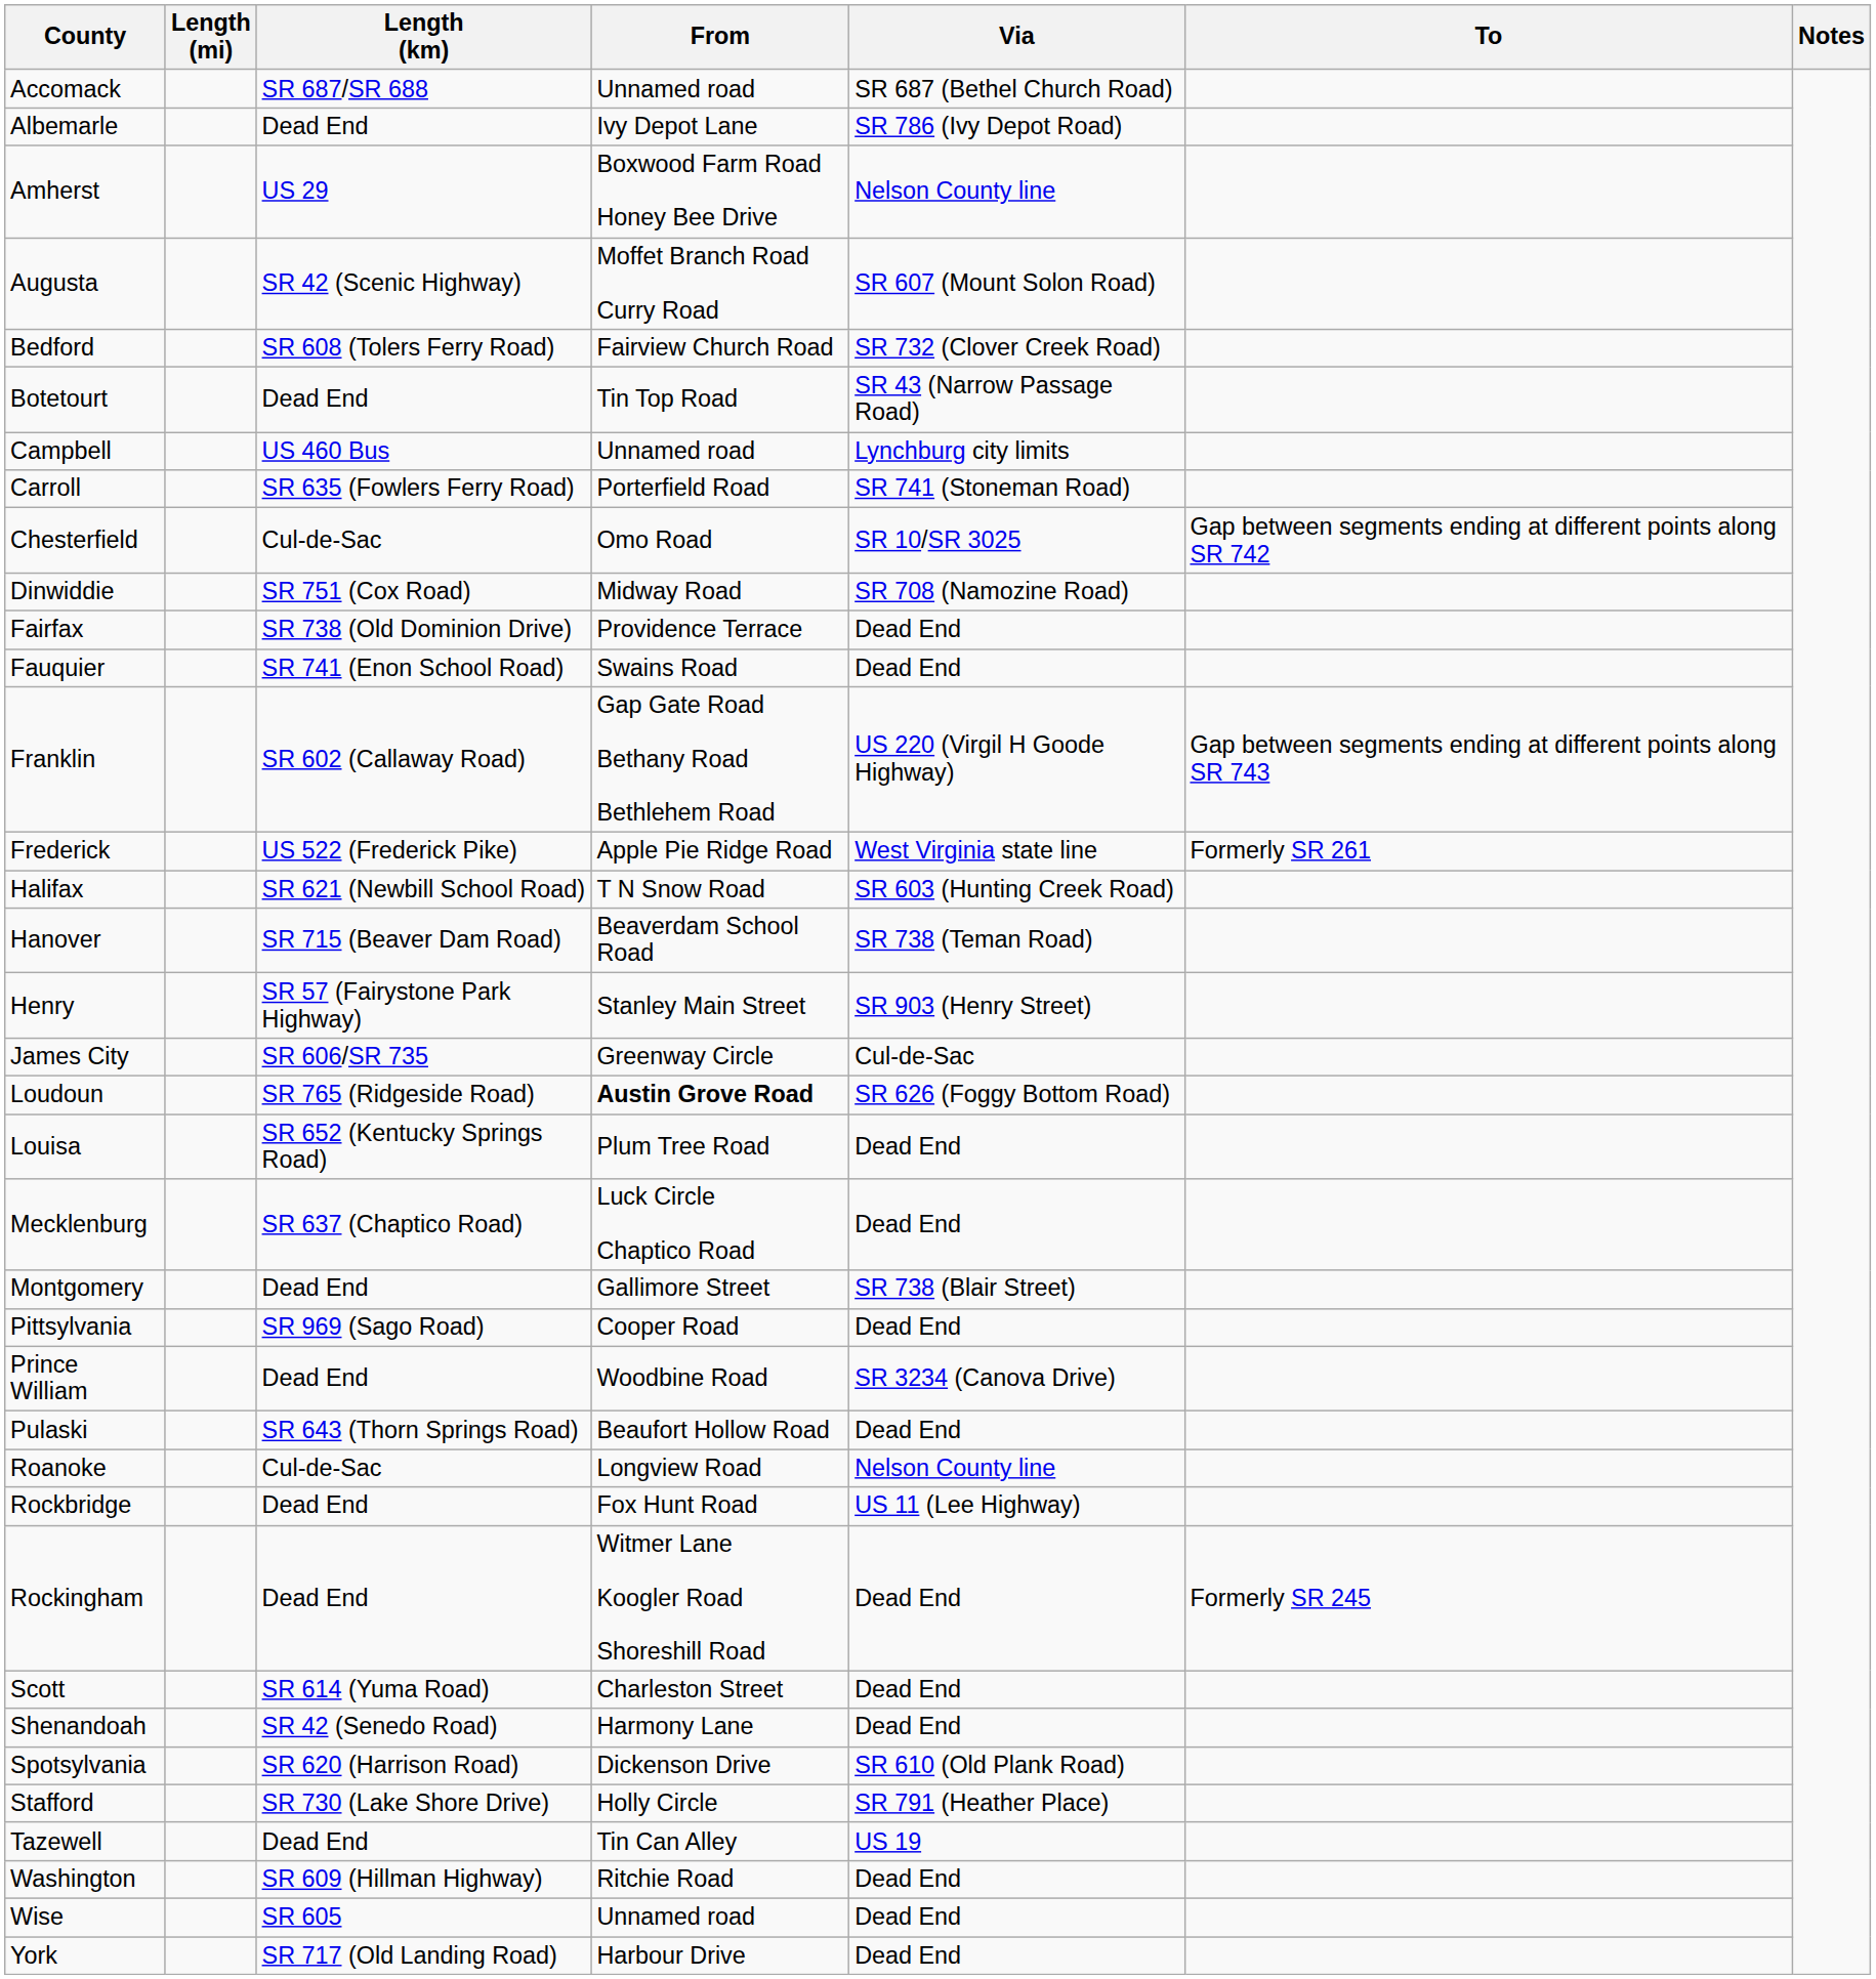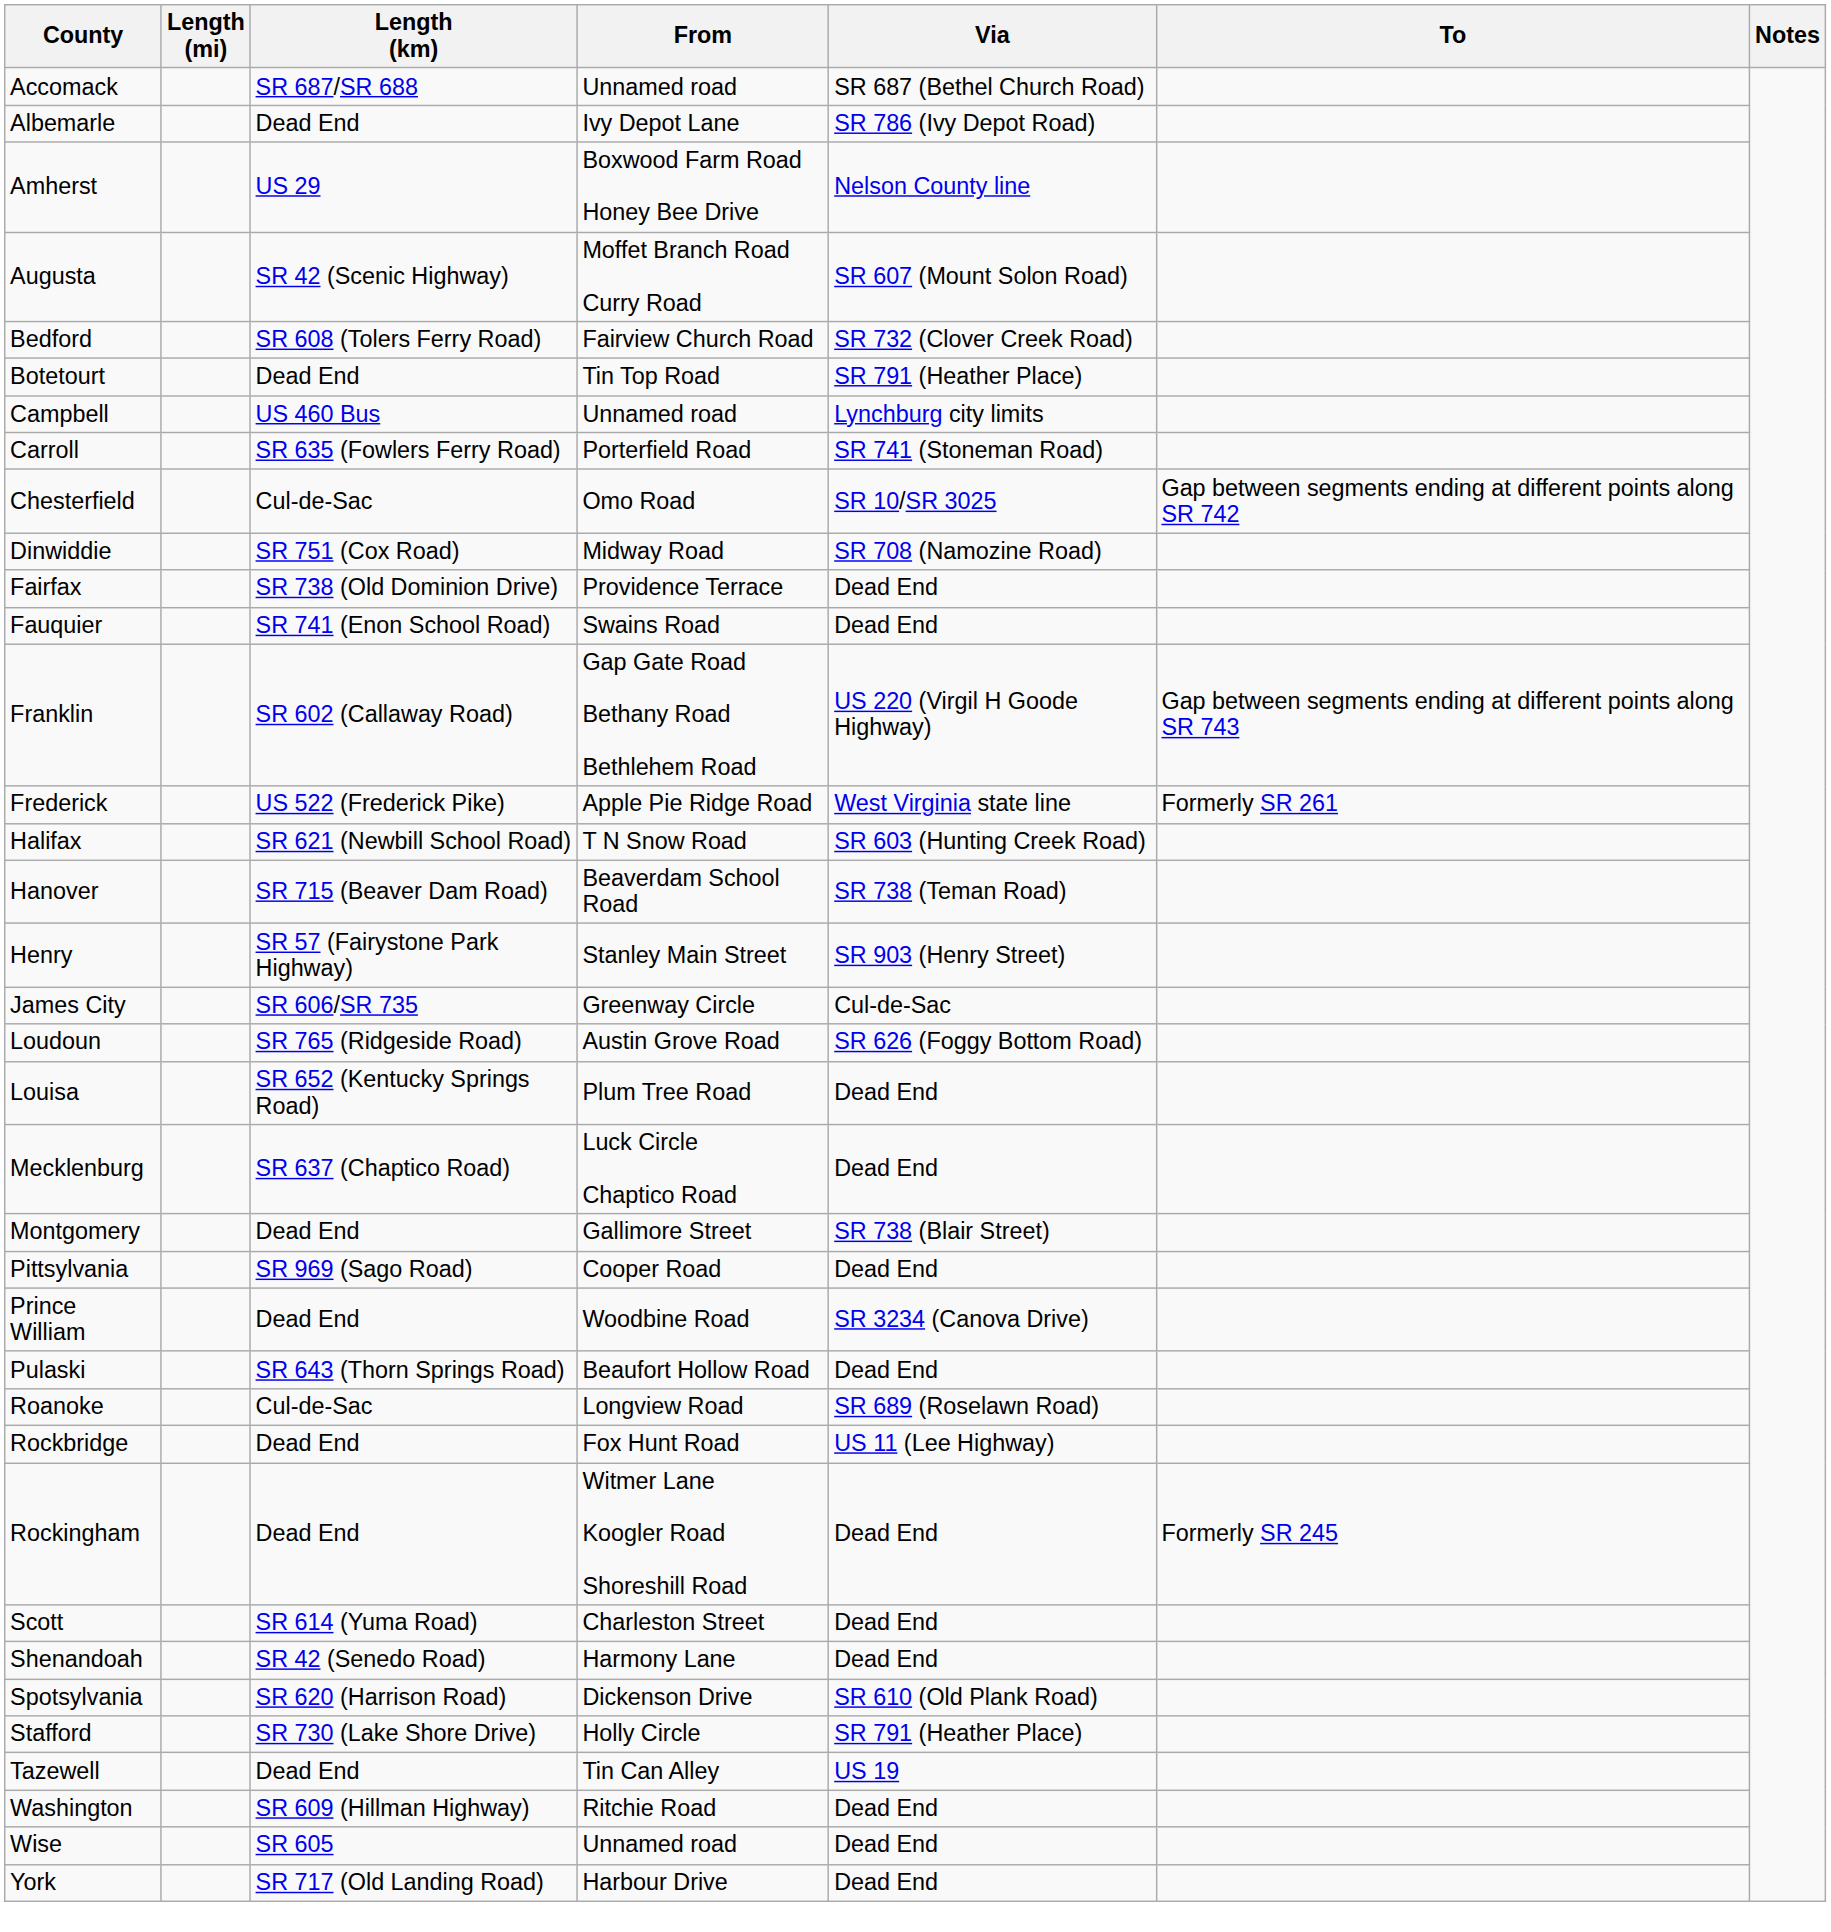 <table class="wikitable sortable">
 <tr>
 <th>County</th>
 <th>Length<br>(mi)</th>
 <th>Length<br>(km)</th>
 <th class="unsortable">From</th>
 <th class="unsortable">Via</th>
 <th class="unsortable">To</th>
 <th class="unsortable">Notes</th>
 </tr>
 <tr>
 <td id="Accomack">Accomack</td>
 <td></td>
 <td><a href='#'>SR 687</a>/<a href='#'>SR 688</a></td>
 <td>Unnamed road</td>
 <td>SR 687 (Bethel Church Road)</td>
 <td></td>
 </tr>
 <tr>
 <td id="Albemarle">Albemarle</td>
 <td></td>
 <td>Dead End</td>
 <td>Ivy Depot Lane</td>
 <td><a href='#'>SR 786</a> (Ivy Depot Road)</td>
 <td><br> </td>
 </tr>
 <tr>
 <td id="Amherst">Amherst</td>
 <td></td>
 <td><a href='#'>US 29</a></td>
 <td>Boxwood Farm Road<br><br>Honey Bee Drive</td>
 <td><a href='#'>Nelson County line</a></td>
 <td><br> </td>
 </tr>
 <tr>
 <td id="Augusta">Augusta</td>
 <td></td>
 <td><a href='#'>SR 42</a> (Scenic Highway)</td>
 <td>Moffet Branch Road<br><br>Curry Road</td>
 <td><a href='#'>SR 607</a> (Mount Solon Road)</td>
 <td><br></td>
 </tr>
 <tr>
 <td id="Bedford">Bedford</td>
 <td></td>
 <td><a href='#'>SR 608</a> (Tolers Ferry Road)</td>
 <td>Fairview Church Road</td>
 <td><a href='#'>SR 732</a> (Clover Creek Road)</td>
 <td><br></td>
 </tr>
 <tr>
 <td id="Botetourt">Botetourt</td>
 <td></td>
 <td>Dead End</td>
 <td>Tin Top Road</td>
-<td><a href='#'>SR 43</a> (Narrow Passage Road)</td>
+<td><a href='#'>SR 791</a> (Heather Place)</td>
 <td><br>  </td>
 </tr>
 <tr>
 <td id="Campbell">Campbell</td>
 <td></td>
 <td><a href='#'>US 460 Bus</a></td>
 <td>Unnamed road</td>
 <td><a href='#'>Lynchburg</a> city limits</td>
 <td><br></td>
 </tr>
 <tr>
 <td id="Carroll">Carroll</td>
 <td></td>
 <td><a href='#'>SR 635</a> (Fowlers Ferry Road)</td>
 <td>Porterfield Road</td>
 <td><a href='#'>SR 741</a> (Stoneman Road)</td>
 <td><br> </td>
 </tr>
 <tr>
 <td id="Chesterfield">Chesterfield</td>
 <td></td>
 <td>Cul-de-Sac</td>
 <td>Omo Road</td>
 <td><a href='#'>SR 10</a>/<a href='#'>SR 3025</a></td>
 <td>Gap between segments ending at different points along <a href='#'>SR 742</a><br>    </td>
 </tr>
 <tr>
 <td id="Dinwiddie">Dinwiddie</td>
 <td></td>
 <td><a href='#'>SR 751</a> (Cox Road)</td>
 <td>Midway Road</td>
 <td><a href='#'>SR 708</a> (Namozine Road)</td>
 <td><br></td>
 </tr>
 <tr>
 <td id="Fairfax">Fairfax</td>
 <td></td>
 <td><a href='#'>SR 738</a> (Old Dominion Drive)</td>
 <td>Providence Terrace</td>
 <td>Dead End</td>
 <td></td>
 </tr>
 <tr>
 <td id="Fauquier">Fauquier</td>
 <td></td>
 <td><a href='#'>SR 741</a> (Enon School Road)</td>
 <td>Swains Road</td>
 <td>Dead End</td>
 <td><br> </td>
 </tr>
 <tr>
 <td id="Franklin">Franklin</td>
 <td></td>
 <td><a href='#'>SR 602</a> (Callaway Road)</td>
 <td>Gap Gate Road<br><br>Bethany Road<br><br>Bethlehem Road</td>
 <td><a href='#'>US 220</a> (Virgil H Goode Highway)</td>
 <td>Gap between segments ending at different points along <a href='#'>SR 743</a><br></td>
 </tr>
 <tr>
 <td id="Frederick">Frederick</td>
 <td></td>
 <td><a href='#'>US 522</a> (Frederick Pike)</td>
 <td>Apple Pie Ridge Road</td>
 <td><a href='#'>West Virginia</a> state line</td>
 <td>Formerly <a href='#'>SR 261</a><br>     </td>
 </tr>
 <tr>
 <td id="Halifax">Halifax</td>
 <td></td>
 <td><a href='#'>SR 621</a> (Newbill School Road)</td>
 <td>T N Snow Road</td>
 <td><a href='#'>SR 603</a> (Hunting Creek Road)</td>
 <td></td>
 </tr>
 <tr>
 <td id="Hanover">Hanover</td>
 <td></td>
 <td><a href='#'>SR 715</a> (Beaver Dam Road)</td>
 <td>Beaverdam School Road</td>
 <td><a href='#'>SR 738</a> (Teman Road)</td>
 <td><br></td>
 </tr>
 <tr>
 <td id="Henry">Henry</td>
 <td></td>
 <td><a href='#'>SR 57</a> (Fairystone Park Highway)</td>
 <td>Stanley Main Street</td>
 <td><a href='#'>SR 903</a> (Henry Street)</td>
 <td><br> </td>
 </tr>
 <tr>
 <td id="James City">James City</td>
 <td></td>
 <td><a href='#'>SR 606</a>/<a href='#'>SR 735</a></td>
 <td>Greenway Circle</td>
 <td>Cul-de-Sac</td>
 <td><br>    </td>
 </tr>
 <tr>
 <td id="Loudoun">Loudoun</td>
 <td></td>
 <td><a href='#'>SR 765</a> (Ridgeside Road)</td>
-<td><strong>Austin Grove Road</strong></td>
+<td>Austin Grove Road</td>
 <td><a href='#'>SR 626</a> (Foggy Bottom Road)</td>
 <td></td>
 </tr>
 <tr>
 <td id="Louisa">Louisa</td>
 <td></td>
 <td><a href='#'>SR 652</a> (Kentucky Springs Road)</td>
 <td>Plum Tree Road</td>
 <td>Dead End</td>
 <td><br>  </td>
 </tr>
 <tr>
 <td id="Mecklenburg">Mecklenburg</td>
 <td></td>
 <td><a href='#'>SR 637</a> (Chaptico Road)</td>
 <td>Luck Circle<br><br>Chaptico Road</td>
 <td>Dead End</td>
 <td><br></td>
 </tr>
 <tr>
 <td id="Montgomery">Montgomery</td>
 <td></td>
 <td>Dead End</td>
 <td>Gallimore Street</td>
 <td><a href='#'>SR 738</a> (Blair Street)</td>
 <td><br>       </td>
 </tr>
 <tr>
 <td id="Pittsylvania">Pittsylvania</td>
 <td></td>
 <td><a href='#'>SR 969</a> (Sago Road)</td>
 <td>Cooper Road</td>
 <td>Dead End</td>
 <td><br>  </td>
 </tr>
 <tr>
 <td id="Prince William">Prince William</td>
 <td></td>
 <td>Dead End</td>
 <td>Woodbine Road</td>
 <td><a href='#'>SR 3234</a> (Canova Drive)</td>
 <td></td>
 </tr>
 <tr>
 <td id="Pulaski">Pulaski</td>
 <td></td>
 <td><a href='#'>SR 643</a> (Thorn Springs Road)</td>
 <td>Beaufort Hollow Road</td>
 <td>Dead End</td>
 <td><br> </td>
 </tr>
 <tr>
 <td id="Roanoke">Roanoke</td>
 <td></td>
 <td>Cul-de-Sac</td>
 <td>Longview Road</td>
-<td><a href='#'>Nelson County line</a></td>
+<td><a href='#'>SR 689</a> (Roselawn Road)</td>
 <td></td>
 </tr>
 <tr>
 <td id="Rockbridge">Rockbridge</td>
 <td></td>
 <td>Dead End</td>
 <td>Fox Hunt Road</td>
 <td><a href='#'>US 11</a> (Lee Highway)</td>
 <td></td>
 </tr>
 <tr>
 <td id="Rockingham">Rockingham</td>
 <td></td>
 <td>Dead End</td>
 <td>Witmer Lane<br><br>Koogler Road<br><br>Shoreshill Road</td>
 <td>Dead End</td>
 <td>Formerly <a href='#'>SR 245</a></td>
 </tr>
 <tr>
 <td id="Scott">Scott</td>
 <td></td>
 <td><a href='#'>SR 614</a> (Yuma Road)</td>
 <td>Charleston Street</td>
 <td>Dead End</td>
 <td></td>
 </tr>
 <tr>
 <td id="Shenandoah">Shenandoah</td>
 <td></td>
 <td><a href='#'>SR 42</a> (Senedo Road)</td>
 <td>Harmony Lane</td>
 <td>Dead End</td>
 <td><br> </td>
 </tr>
 <tr>
 <td id="Spotsylvania">Spotsylvania</td>
 <td></td>
 <td><a href='#'>SR 620</a> (Harrison Road)</td>
 <td>Dickenson Drive</td>
 <td><a href='#'>SR 610</a> (Old Plank Road)</td>
 <td></td>
 </tr>
 <tr>
 <td id="Stafford">Stafford</td>
 <td></td>
 <td><a href='#'>SR 730</a> (Lake Shore Drive)</td>
 <td>Holly Circle</td>
 <td><a href='#'>SR 791</a> (Heather Place)</td>
 <td><br> </td>
 </tr>
 <tr>
 <td id="Tazewell">Tazewell</td>
 <td></td>
 <td>Dead End</td>
 <td>Tin Can Alley</td>
 <td><a href='#'>US 19</a></td>
 <td><br></td>
 </tr>
 <tr>
 <td id="Washington">Washington</td>
 <td></td>
 <td><a href='#'>SR 609</a> (Hillman Highway)</td>
 <td>Ritchie Road</td>
 <td>Dead End</td>
 <td><br></td>
 </tr>
 <tr>
 <td id="Wise">Wise</td>
 <td></td>
 <td><a href='#'>SR 605</a></td>
 <td>Unnamed road</td>
 <td>Dead End</td>
 <td><br></td>
 </tr>
 <tr>
 <td id="York">York</td>
 <td></td>
 <td><a href='#'>SR 717</a> (Old Landing Road)</td>
 <td>Harbour Drive</td>
 <td>Dead End</td>
 <td></td>
 </tr>
 </table>
